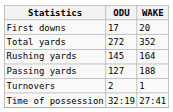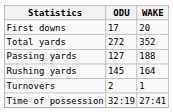 <table class="wikitable" style="float: left;">
 <tr>
 <th>Statistics</th>
 <th>ODU</th>
 <th>WAKE</th>
 </tr>
 <tr>
 <td>First downs</td>
 <td>17</td>
 <td>20</td>
 </tr>
 <tr>
 <td>Total yards</td>
 <td>272</td>
 <td>352</td>
 </tr>
 <tr>
+<td>Passing yards</td>
+<td>127</td>
+<td>188</td>
+</tr>
+<tr>
 <td>Rushing yards</td>
 <td>145</td>
 <td>164</td>
-</tr>
-<tr>
-<td>Passing yards</td>
-<td>127</td>
-<td>188</td>
 </tr>
 <tr>
 <td>Turnovers</td>
 <td>2</td>
 <td>1</td>
 </tr>
 <tr>
 <td>Time of possession</td>
 <td>32:19</td>
 <td>27:41</td>
 </tr>
 <tr>
 </tr>
 </table>
